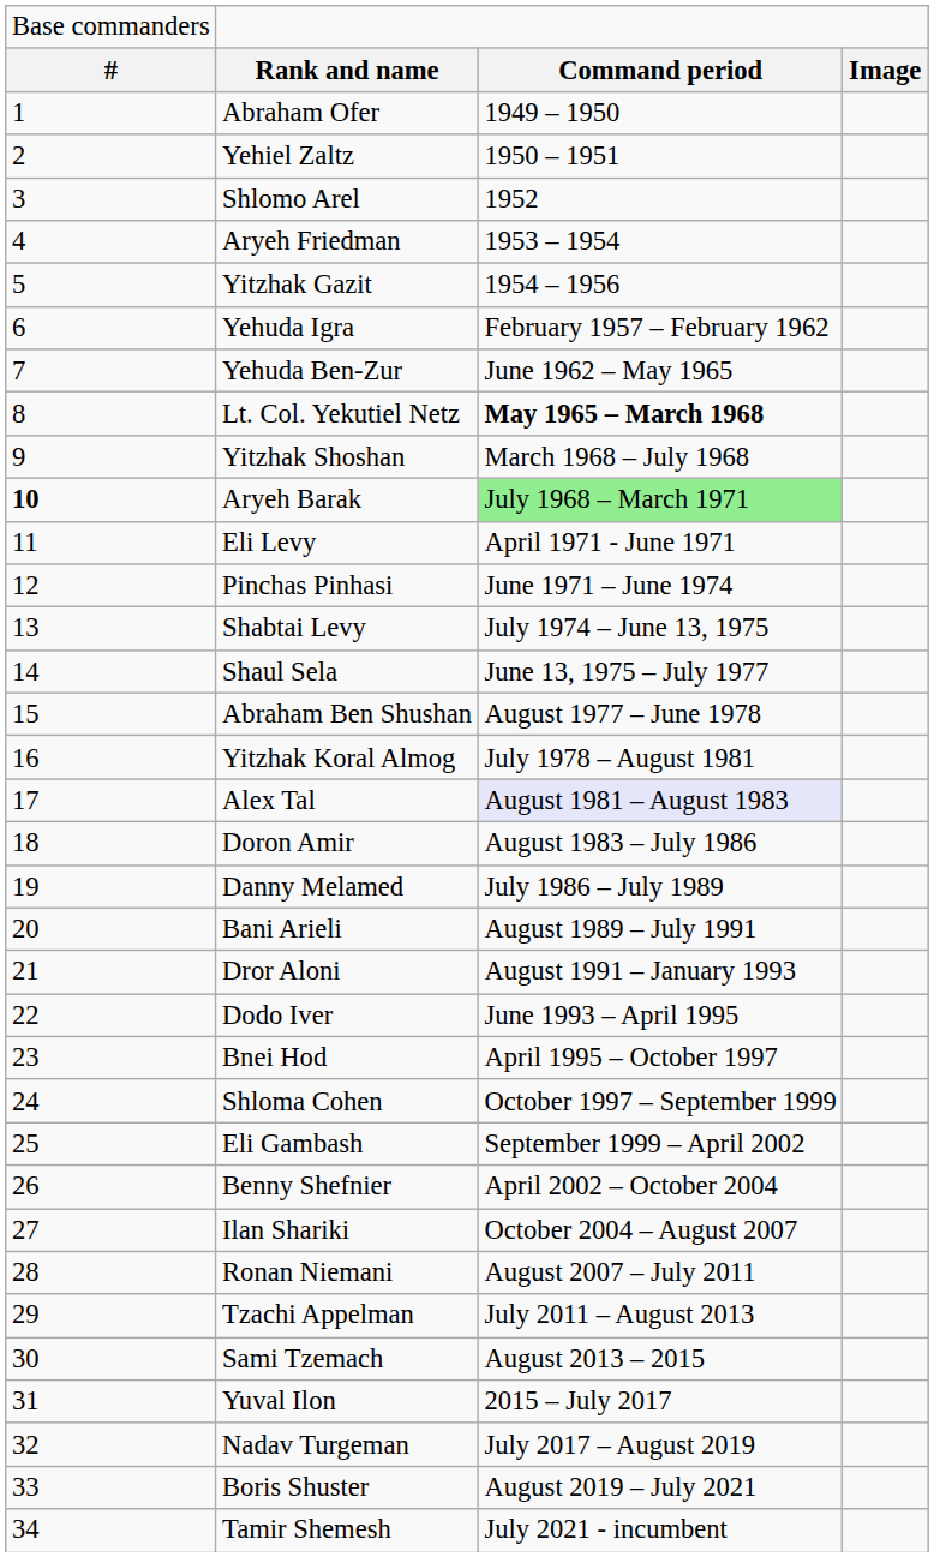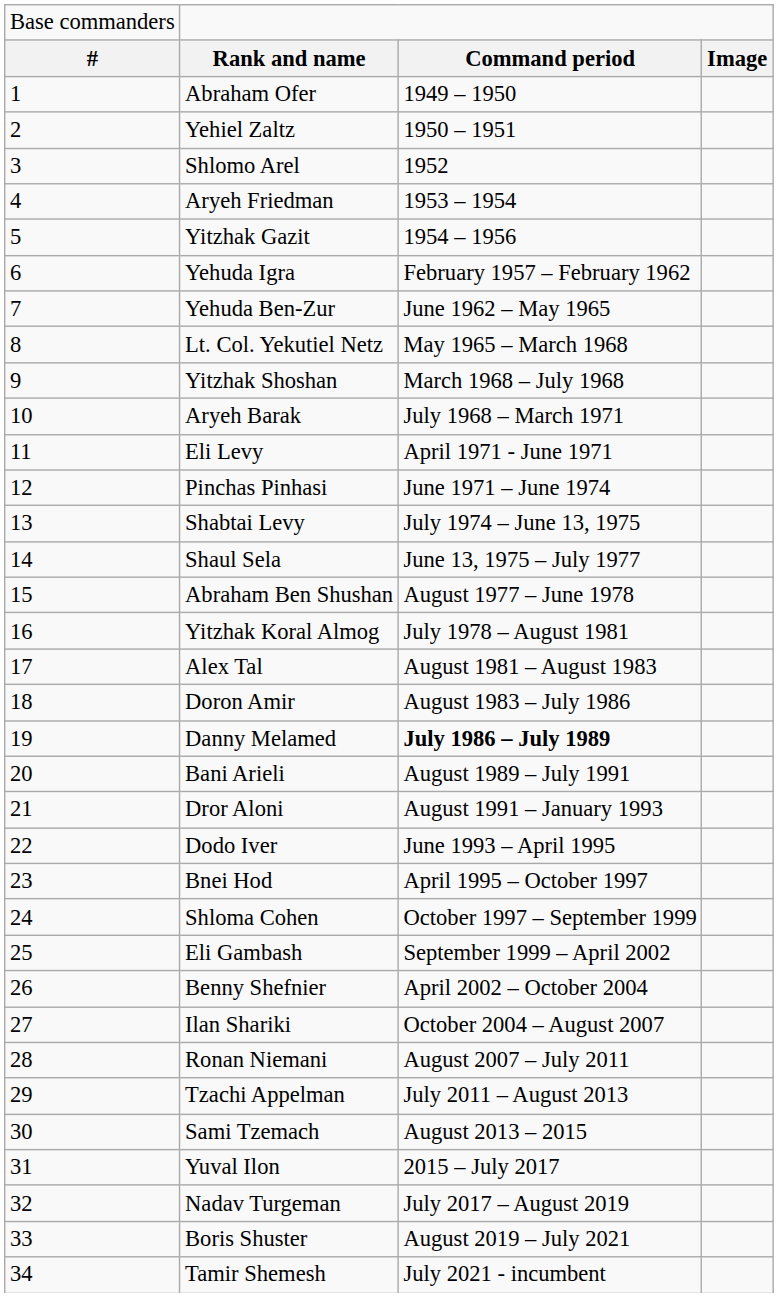 <table class="wikitable mw-collapsible mw-collapsed">
 <tr>
 <td>Base commanders</td>
 </tr>
 <tr>
 <th>#</th>
 <th>Rank and name</th>
 <th>Command period</th>
 <th>Image</th>
 </tr>
 <tr>
 <td>1</td>
 <td>Abraham Ofer</td>
 <td>1949 – 1950</td>
 <td></td>
 </tr>
 <tr>
 <td>2</td>
 <td>Yehiel Zaltz</td>
 <td>1950 – 1951</td>
 <td></td>
 </tr>
 <tr>
 <td>3</td>
 <td>Shlomo Arel</td>
 <td>1952</td>
 <td></td>
 </tr>
 <tr>
 <td>4</td>
 <td>Aryeh Friedman</td>
 <td>1953 – 1954</td>
 <td></td>
 </tr>
 <tr>
 <td>5</td>
 <td>Yitzhak Gazit</td>
 <td>1954 – 1956</td>
 <td></td>
 </tr>
 <tr>
 <td>6</td>
 <td>Yehuda Igra</td>
 <td>February 1957 – February 1962</td>
 <td><br></td>
 </tr>
 <tr>
 <td>7</td>
 <td>Yehuda Ben-Zur</td>
 <td>June 1962 – May 1965</td>
 <td></td>
 </tr>
 <tr>
 <td>8</td>
 <td>Lt. Col. Yekutiel Netz</td>
-<td><strong>May 1965 – March 1968</strong></td>
+<td>May 1965 – March 1968</td>
 <td></td>
 </tr>
 <tr>
 <td>9</td>
 <td>Yitzhak Shoshan</td>
 <td>March 1968 – July 1968</td>
 <td></td>
 </tr>
 <tr>
-<td><strong>10</strong></td>
+<td>10</td>
 <td>Aryeh Barak</td>
-<td style="background: lightgreen;">July 1968 – March 1971</td>
+<td>July 1968 – March 1971</td>
 <td></td>
 </tr>
 <tr>
 <td>11</td>
 <td>Eli Levy</td>
 <td>April 1971 - June 1971</td>
 <td></td>
 </tr>
 <tr>
 <td>12</td>
 <td>Pinchas Pinhasi</td>
 <td>June 1971 – June 1974</td>
 <td></td>
 </tr>
 <tr>
 <td>13</td>
 <td>Shabtai Levy</td>
 <td>July 1974 – June 13, 1975</td>
 <td></td>
 </tr>
 <tr>
 <td>14</td>
 <td>Shaul Sela</td>
 <td>June 13, 1975 – July 1977</td>
 <td></td>
 </tr>
 <tr>
 <td>15</td>
 <td>Abraham Ben Shushan</td>
 <td>August 1977 – June 1978</td>
 <td></td>
 </tr>
 <tr>
 <td>16</td>
 <td>Yitzhak Koral Almog</td>
 <td>July 1978 – August 1981</td>
 <td></td>
 </tr>
 <tr>
 <td>17</td>
 <td>Alex Tal</td>
-<td style="background: lavender;">August 1981 – August 1983</td>
+<td>August 1981 – August 1983</td>
 <td></td>
 </tr>
 <tr>
 <td>18</td>
 <td>Doron Amir</td>
 <td>August 1983 – July 1986</td>
 <td></td>
 </tr>
 <tr>
 <td>19</td>
 <td>Danny Melamed</td>
-<td>July 1986 – July 1989</td>
+<td><strong>July 1986 – July 1989</strong></td>
 <td></td>
 </tr>
 <tr>
 <td>20</td>
 <td>Bani Arieli</td>
 <td>August 1989 – July 1991</td>
 <td></td>
 </tr>
 <tr>
 <td>21</td>
 <td>Dror Aloni</td>
 <td>August 1991 – January 1993</td>
 <td></td>
 </tr>
 <tr>
 <td>22</td>
 <td>Dodo Iver</td>
 <td>June 1993 – April 1995</td>
 <td><br></td>
 </tr>
 <tr>
 <td>23</td>
 <td>Bnei Hod</td>
 <td>April 1995 – October 1997</td>
 <td></td>
 </tr>
 <tr>
 <td>24</td>
 <td>Shloma Cohen</td>
 <td>October 1997 – September 1999</td>
 <td></td>
 </tr>
 <tr>
 <td>25</td>
 <td>Eli Gambash</td>
 <td>September 1999 – April 2002</td>
 <td><br></td>
 </tr>
 <tr>
 <td>26</td>
 <td>Benny Shefnier</td>
 <td>April 2002 – October 2004</td>
 <td><br></td>
 </tr>
 <tr>
 <td>27</td>
 <td>Ilan Shariki</td>
 <td>October 2004 – August 2007</td>
 <td></td>
 </tr>
 <tr>
 <td>28</td>
 <td>Ronan Niemani</td>
 <td>August 2007 – July 2011</td>
 <td></td>
 </tr>
 <tr>
 <td>29</td>
 <td>Tzachi Appelman</td>
 <td>July 2011 – August 2013</td>
 <td></td>
 </tr>
 <tr>
 <td>30</td>
 <td>Sami Tzemach</td>
 <td>August 2013 – 2015</td>
 <td></td>
 </tr>
 <tr>
 <td>31</td>
 <td>Yuval Ilon</td>
 <td>2015 – July 2017</td>
 <td></td>
 </tr>
 <tr>
 <td>32</td>
 <td>Nadav Turgeman</td>
 <td>July 2017 – August 2019</td>
 <td></td>
 </tr>
 <tr>
 <td>33</td>
 <td>Boris Shuster</td>
 <td>August 2019 – July 2021</td>
 <td></td>
 </tr>
 <tr>
 <td>34</td>
 <td>Tamir Shemesh</td>
 <td>July 2021 - incumbent</td>
 <td></td>
 </tr>
 </table>
